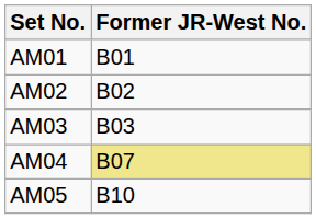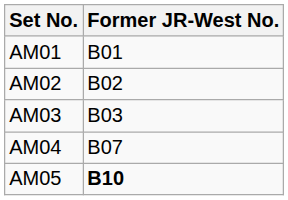 <table class="wikitable">
 <tr>
 <th>Set No.</th>
 <th>Former JR-West No.</th>
 </tr>
 <tr>
 <td>AM01</td>
 <td>B01</td>
 </tr>
 <tr>
 <td>AM02</td>
 <td>B02</td>
 </tr>
 <tr>
 <td>AM03</td>
 <td>B03</td>
 </tr>
 <tr>
 <td>AM04</td>
-<td style="background: khaki;">B07</td>
+<td>B07</td>
 </tr>
 <tr>
 <td>AM05</td>
-<td>B10</td>
+<td><strong>B10</strong></td>
 </tr>
 </table>
